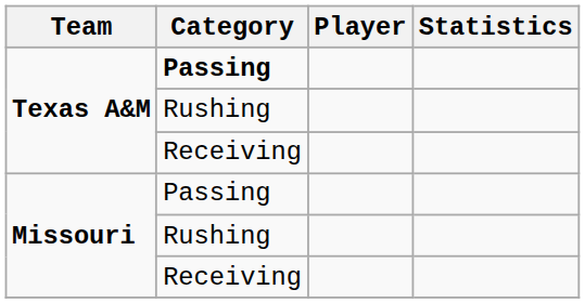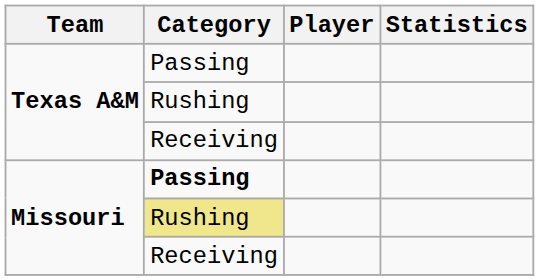 <table class="wikitable" style="float: right;">
 <tr>
 <th>Team</th>
 <th>Category</th>
 <th>Player</th>
 <th>Statistics</th>
 </tr>
 <tr>
 <td rowspan=3><strong>Texas A&M</strong></td>
-<td><strong>Passing</strong></td>
+<td>Passing</td>
 <td></td>
 <td></td>
 </tr>
 <tr>
 <td>Rushing</td>
 <td></td>
 <td></td>
 </tr>
 <tr>
 <td>Receiving</td>
 <td></td>
 <td></td>
 </tr>
 <tr>
 <td rowspan=3><strong>Missouri</strong></td>
-<td>Passing</td>
+<td><strong>Passing</strong></td>
 <td></td>
 <td></td>
 </tr>
 <tr>
-<td>Rushing</td>
+<td style="background: khaki;">Rushing</td>
 <td></td>
 <td></td>
 </tr>
 <tr>
 <td>Receiving</td>
 <td></td>
 <td></td>
 </tr>
 </table>
